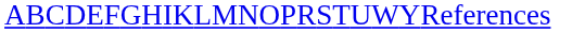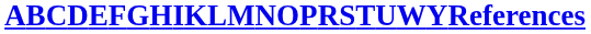 <table id="toc" class="toc" summary="Class">
 <tr>
 <th></th>
 </tr>
 <tr>
-<td style="text-align:center;"><a href='#'>A</a><a href='#'>B</a><a href='#'>C</a><a href='#'>D</a><a href='#'>E</a><a href='#'>F</a><a href='#'>G</a><a href='#'>H</a><a href='#'>I</a><a href='#'>K</a><a href='#'>L</a><a href='#'>M</a><a href='#'>N</a><a href='#'>O</a><a href='#'>P</a><a href='#'>R</a><a href='#'>S</a><a href='#'>T</a><a href='#'>U</a><a href='#'>W</a><a href='#'>Y</a><a href='#'>References</a></td>
+<td style="text-align:center;"><strong><a href='#'>A</a><a href='#'>B</a><a href='#'>C</a><a href='#'>D</a><a href='#'>E</a><a href='#'>F</a><a href='#'>G</a><a href='#'>H</a><a href='#'>I</a><a href='#'>K</a><a href='#'>L</a><a href='#'>M</a><a href='#'>N</a><a href='#'>O</a><a href='#'>P</a><a href='#'>R</a><a href='#'>S</a><a href='#'>T</a><a href='#'>U</a><a href='#'>W</a><a href='#'>Y</a><a href='#'>References</a></strong></td>
 </tr>
 </table>
